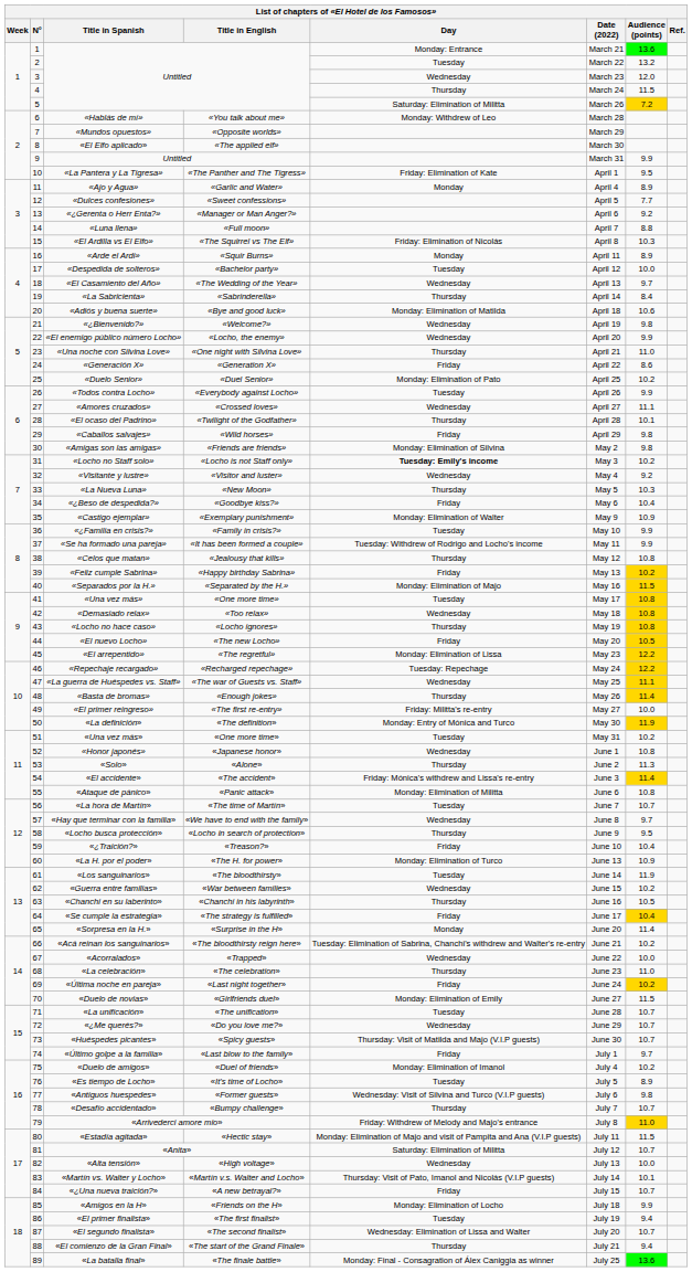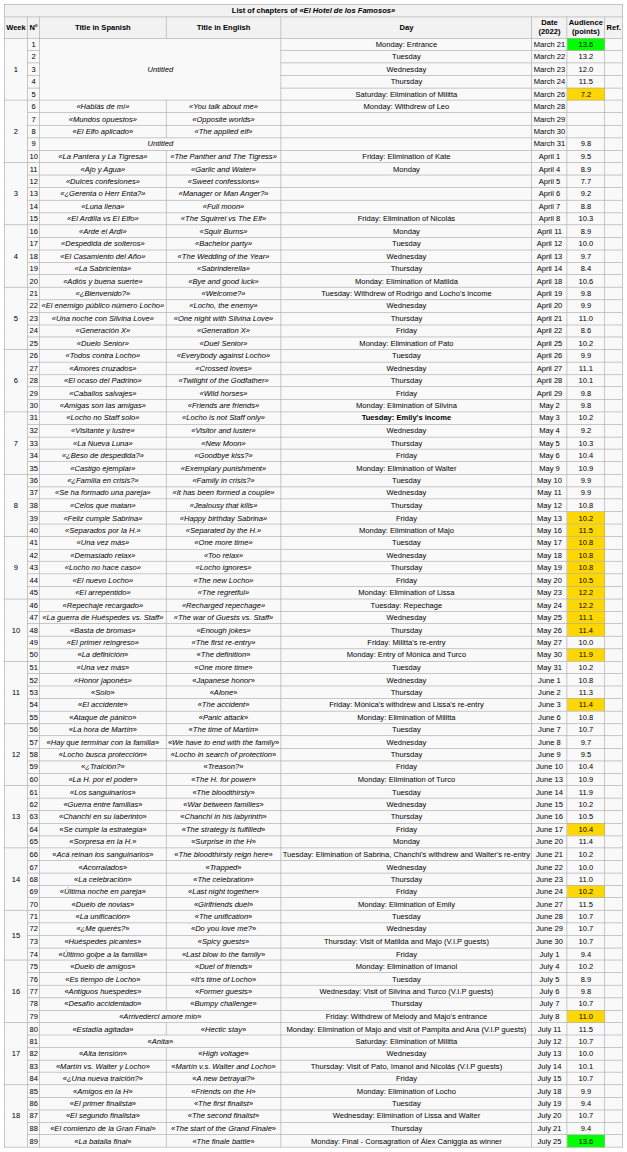 <table class="wikitable" style="text-align:center; font-size:75%; align:left;">
 <tr>
 <th colspan="8">List of chapters of <em>«El Hotel de los Famosos»</em></th>
 </tr>
 <tr>
 <th>Week</th>
 <th>N°</th>
 <th>Title in Spanish</th>
 <th>Title in English</th>
 <th>Day</th>
 <th>Date<br>(2022)</th>
 <th>Audience<br>(points)</th>
 <th>Ref.</th>
 </tr>
 <tr>
 <td rowspan="5">1</td>
 <td style="text-align:center;">1</td>
 <td colspan="2" rowspan="5"><em>Untitled</em></td>
 <td style="text-align:center;">Monday: Entrance</td>
 <td>March 21</td>
 <td style="text-align:center; background:lime">13.6</td>
 <td></td>
 </tr>
 <tr>
 <td style="text-align:center;">2</td>
 <td style="text-align:center;">Tuesday</td>
 <td>March 22</td>
 <td style="text-align:center;">13.2</td>
 <td></td>
 </tr>
 <tr>
 <td style="text-align:center;">3</td>
 <td style="text-align:center;">Wednesday</td>
 <td>March 23</td>
 <td style="text-align:center;">12.0</td>
 <td></td>
 </tr>
 <tr>
 <td style="text-align:center;">4</td>
 <td style="text-align:center;">Thursday</td>
 <td>March 24</td>
 <td style="text-align:center;">11.5</td>
 <td></td>
 </tr>
 <tr>
 <td style="text-align:center;">5</td>
 <td style="text-align:center;">Saturday: Elimination of Militta</td>
 <td>March 26</td>
 <td bgcolor="gold">7.2</td>
 <td></td>
 </tr>
 <tr>
 <td rowspan="5">2</td>
 <td>6</td>
 <td><em>«Hablás de mí»</em></td>
 <td><em>«You talk about me»</em></td>
 <td>Monday: Withdrew of Leo</td>
 <td>March 28</td>
 <td></td>
 <td></td>
 </tr>
 <tr>
 <td>7</td>
 <td><em>«Mundos opuestos»</em></td>
 <td><em>«Opposite worlds»</em></td>
 <td></td>
 <td>March 29</td>
 <td></td>
 <td></td>
 </tr>
 <tr>
 <td>8</td>
 <td>«<em>El Elfo aplicado</em>»</td>
 <td><em>«The applied elf»</em></td>
 <td></td>
 <td>March 30</td>
 <td></td>
 <td></td>
 </tr>
 <tr>
 <td>9</td>
 <td colspan="2"><em>Untitled</em></td>
 <td></td>
 <td>March 31</td>
-<td>9.9</td>
+<td>9.8</td>
 <td></td>
 </tr>
 <tr>
 <td style="text-align:center;">10</td>
 <td><em>«La Pantera y La Tigresa»</em></td>
 <td><em>«The Panther and The Tigress»</em></td>
 <td style="text-align:center;">Friday: Elimination of Kate</td>
 <td>April 1</td>
 <td>9.5</td>
 <td></td>
 </tr>
 <tr>
 <td rowspan="5">3</td>
 <td>11</td>
 <td><em>«Ajo y Agua»</em></td>
 <td><em>«Garlic and Water»</em></td>
 <td>Monday</td>
 <td>April 4</td>
 <td>8.9</td>
 <td></td>
 </tr>
 <tr>
 <td>12</td>
 <td><em>«Dulces confesiones»</em></td>
 <td><em>«Sweet confessions»</em></td>
 <td></td>
 <td>April 5</td>
 <td>7.7</td>
 <td></td>
 </tr>
 <tr>
 <td>13</td>
 <td><em>«¿Gerenta o Herr Enta?»</em></td>
 <td><em>«Manager or Man Anger?»</em></td>
 <td></td>
 <td>April 6</td>
 <td>9.2</td>
 <td></td>
 </tr>
 <tr>
 <td>14</td>
 <td><em>«Luna llena»</em></td>
 <td><em>«Full moon»</em></td>
 <td></td>
 <td>April 7</td>
 <td>8.8</td>
 <td></td>
 </tr>
 <tr>
 <td>15</td>
 <td><em>«El Ardilla vs El Elfo»</em></td>
 <td><em>«The Squirrel vs The Elf»</em></td>
 <td style="text-align:center;">Friday: Elimination of Nicolás</td>
 <td>April 8</td>
 <td>10.3</td>
 <td></td>
 </tr>
 <tr>
 <td rowspan="5">4</td>
 <td>16</td>
 <td style="text-align:center;"><em>«Arde el Ardi»</em></td>
 <td><em>«Squir Burns»</em></td>
 <td style="text-align:center;">Monday</td>
 <td>April 11</td>
 <td>8.9</td>
 <td></td>
 </tr>
 <tr>
 <td style="text-align:center;">17</td>
 <td><em>«Despedida de solteros»</em></td>
 <td><em>«Bachelor party»</em></td>
 <td style="text-align:center;">Tuesday</td>
 <td>April 12</td>
 <td>10.0</td>
 <td></td>
 </tr>
 <tr>
 <td style="text-align:center;">18</td>
 <td><em>«El Casamiento del Año»</em></td>
 <td><em>«The Wedding of the Year»</em></td>
 <td style="text-align:center;">Wednesday</td>
 <td>April 13</td>
 <td>9.7</td>
 <td></td>
 </tr>
 <tr>
 <td style="text-align:center;">19</td>
 <td><em>«La Sabricienta»</em></td>
 <td><em>«Sabrinderella»</em></td>
 <td style="text-align:center;">Thursday</td>
 <td>April 14</td>
 <td>8.4</td>
 <td></td>
 </tr>
 <tr>
 <td>20</td>
 <td style="text-align:center;"><em>«Adiós y buena suerte»</em></td>
 <td><em>«Bye and good luck»</em></td>
 <td style="text-align:center;">Monday: Elimination of Matilda</td>
 <td>April 18</td>
 <td>10.6</td>
 <td></td>
 </tr>
 <tr>
 <td rowspan="5">5</td>
 <td style="text-align:center;">21</td>
 <td><em>«¿Bienvenido?»</em></td>
 <td><em>«Welcome?»</em></td>
-<td>Wednesday</td>
+<td style="text-align:center;">Tuesday: Withdrew of Rodrigo and Locho's income</td>
 <td>April 19</td>
 <td>9.8</td>
 <td></td>
 </tr>
 <tr>
 <td style="text-align:center;">22</td>
 <td><em>«El enemigo público número Locho»</em></td>
 <td><em>«Locho, the enemy»</em></td>
 <td style="text-align:center;">Wednesday</td>
 <td>April 20</td>
 <td>9.9</td>
 <td></td>
 </tr>
 <tr>
 <td style="text-align:center;">23</td>
 <td><em>«Una noche con Silvina Love»</em></td>
 <td><em>«One night with Silvina Love»</em></td>
 <td style="text-align:center;">Thursday</td>
 <td>April 21</td>
 <td>11.0</td>
 <td></td>
 </tr>
 <tr>
 <td style="text-align:center;">24</td>
 <td><em>«Generación X»</em></td>
 <td><em>«Generation X»</em></td>
 <td style="text-align:center;">Friday</td>
 <td>April 22</td>
 <td>8.6</td>
 <td></td>
 </tr>
 <tr>
 <td style="text-align:center;">25</td>
 <td><em>«Duelo Senior»</em></td>
 <td><em>«Duel Senior»</em></td>
 <td style="text-align:center;">Monday: Elimination of Pato</td>
 <td>April 25</td>
 <td>10.2</td>
 <td></td>
 </tr>
 <tr>
 <td rowspan="5">6</td>
 <td style="text-align:center;">26</td>
 <td><em>«Todos contra Locho»</em></td>
 <td><em>«Everybody against Locho»</em></td>
 <td style="text-align:center;">Tuesday</td>
 <td>April 26</td>
 <td>9.9</td>
 <td></td>
 </tr>
 <tr>
 <td style="text-align:center;">27</td>
 <td><em>«Amores cruzados»</em></td>
 <td><em>«Crossed loves»</em></td>
 <td style="text-align:center;">Wednesday</td>
 <td>April 27</td>
 <td>11.1</td>
 <td></td>
 </tr>
 <tr>
 <td style="text-align:center;">28</td>
 <td><em>«El ocaso del Padrino»</em></td>
 <td><em>«Twilight of the Godfather»</em></td>
 <td style="text-align:center;">Thursday</td>
 <td>April 28</td>
 <td>10.1</td>
 <td></td>
 </tr>
 <tr>
 <td style="text-align:center;">29</td>
 <td><em>«Caballos salvajes»</em></td>
 <td><em>«Wild horses»</em></td>
 <td style="text-align:center;">Friday</td>
 <td>April 29</td>
 <td>9.8</td>
 <td></td>
 </tr>
 <tr>
 <td>30</td>
 <td><em>«Amigas son las amigas»</em></td>
 <td><em>«Friends are friends»</em></td>
 <td>Monday: Elimination of Silvina</td>
 <td>May 2</td>
 <td>9.8</td>
 <td></td>
 </tr>
 <tr>
 <td rowspan="5">7</td>
 <td>31</td>
 <td><em>«Locho no Staff solo»</em></td>
 <td><em>«Locho is not Staff only»</em></td>
 <td><strong>Tuesday: Emily's income</strong></td>
 <td>May 3</td>
 <td>10.2</td>
 <td></td>
 </tr>
 <tr>
 <td>32</td>
 <td><em>«Visitante y lustre»</em></td>
 <td><em>«Visitor and luster»</em></td>
 <td>Wednesday</td>
 <td>May 4</td>
 <td>9.2</td>
 <td></td>
 </tr>
 <tr>
 <td>33</td>
 <td><em>«La Nueva Luna»</em></td>
 <td><em>«New Moon»</em></td>
 <td>Thursday</td>
 <td>May 5</td>
 <td>10.3</td>
 <td></td>
 </tr>
 <tr>
 <td>34</td>
 <td><em>«¿Beso de despedida?»</em></td>
 <td><em>«Goodbye kiss?»</em></td>
 <td>Friday</td>
 <td>May 6</td>
 <td>10.4</td>
 <td></td>
 </tr>
 <tr>
 <td>35</td>
 <td><em>«Castigo ejemplar»</em></td>
 <td><em>«Exemplary punishment»</em></td>
 <td>Monday: Elimination of Walter</td>
 <td>May 9</td>
 <td>10.9</td>
 <td></td>
 </tr>
 <tr>
 <td rowspan="5">8</td>
 <td>36</td>
 <td><em>«¿Familia en crisis?»</em></td>
 <td><em>«Family in crisis?»</em></td>
 <td>Tuesday</td>
 <td>May 10</td>
 <td>9.9</td>
 <td></td>
 </tr>
 <tr>
 <td>37</td>
 <td><em>«Se ha formado una pareja»</em></td>
 <td><em>«It has been formed a couple»</em></td>
-<td style="text-align:center;">Tuesday: Withdrew of Rodrigo and Locho's income</td>
+<td>Wednesday</td>
 <td>May 11</td>
 <td>9.9</td>
 <td></td>
 </tr>
 <tr>
 <td>38</td>
 <td><em>«Celos que matan»</em></td>
 <td><em>«Jealousy that kills»</em></td>
 <td>Thursday</td>
 <td>May 12</td>
 <td>10.8</td>
 <td></td>
 </tr>
 <tr>
 <td>39</td>
 <td><em>«Feliz cumple Sabrina»</em></td>
 <td><em>«Happy birthday Sabrina»</em></td>
 <td>Friday</td>
 <td>May 13</td>
 <td bgcolor="gold">10.2</td>
 <td></td>
 </tr>
 <tr>
 <td>40</td>
 <td><em>«Separados por la H.»</em></td>
 <td><em>«Separated by the H.»</em></td>
 <td>Monday: Elimination of Majo</td>
 <td>May 16</td>
 <td bgcolor="gold">11.5</td>
 <td></td>
 </tr>
 <tr>
 <td rowspan="5">9</td>
 <td>41</td>
 <td><em>«Una vez más»</em></td>
 <td><em>«One more time»</em></td>
 <td>Tuesday</td>
 <td>May 17</td>
 <td bgcolor="gold">10.8</td>
 <td></td>
 </tr>
 <tr>
 <td>42</td>
 <td><em>«Demasiado relax»</em></td>
 <td><em>«Too relax»</em></td>
 <td>Wednesday</td>
 <td>May 18</td>
 <td bgcolor="gold">10.8</td>
 <td></td>
 </tr>
 <tr>
 <td>43</td>
 <td><em>«Locho no hace caso»</em></td>
 <td><em>«Locho ignores»</em></td>
 <td>Thursday</td>
 <td>May 19</td>
 <td bgcolor="gold">10.8</td>
 <td></td>
 </tr>
 <tr>
 <td>44</td>
 <td><em>«El nuevo Locho»</em></td>
 <td><em>«The new Locho»</em></td>
 <td>Friday</td>
 <td>May 20</td>
 <td bgcolor="gold">10.5</td>
 <td></td>
 </tr>
 <tr>
 <td>45</td>
 <td><em>«El arrepentido»</em></td>
 <td><em>«The regretful»</em></td>
 <td>Monday: Elimination of Lissa</td>
 <td>May 23</td>
 <td bgcolor="gold">12.2</td>
 <td></td>
 </tr>
 <tr>
 <td rowspan="5">10</td>
 <td>46</td>
 <td><em>«Repechaje recargado»</em></td>
 <td><em>«Recharged repechage»</em></td>
 <td>Tuesday: Repechage</td>
 <td>May 24</td>
 <td bgcolor="gold">12.2</td>
 <td></td>
 </tr>
 <tr>
 <td>47</td>
 <td><em>«La guerra de Huéspedes vs. Staff»</em></td>
 <td><em>«The war of Guests vs. Staff»</em></td>
 <td>Wednesday</td>
 <td>May 25</td>
 <td bgcolor="gold">11.1</td>
 <td></td>
 </tr>
 <tr>
 <td>48</td>
 <td><em>«Basta de bromas»</em></td>
 <td><em>«Enough jokes»</em></td>
 <td>Thursday</td>
 <td>May 26</td>
 <td bgcolor="gold">11.4</td>
 <td></td>
 </tr>
 <tr>
 <td>49</td>
 <td><em>«El primer reingreso»</em></td>
 <td><em>«The first re-entry»</em></td>
 <td>Friday: Militta's re-entry</td>
 <td>May 27</td>
 <td>10.0</td>
 <td></td>
 </tr>
 <tr>
 <td>50</td>
 <td>«<em>La definición</em>»</td>
 <td>«<em>The definition</em>»</td>
 <td>Monday: Entry of Mónica and Turco</td>
 <td>May 30</td>
 <td bgcolor="gold">11.9</td>
 <td></td>
 </tr>
 <tr>
 <td rowspan="5">11</td>
 <td>51</td>
 <td>«<em>Una vez más</em>»</td>
 <td>«<em>One more time</em>»</td>
 <td>Tuesday</td>
 <td>May 31</td>
 <td>10.2</td>
 <td></td>
 </tr>
 <tr>
 <td>52</td>
 <td><em>«Honor japonés»</em></td>
 <td>«<em>Japanese honor</em>»</td>
 <td>Wednesday</td>
 <td>June 1</td>
 <td>10.8</td>
 <td></td>
 </tr>
 <tr>
 <td>53</td>
 <td>«<em>Solo</em>»</td>
 <td>«<em>Alone</em>»</td>
 <td>Thursday</td>
 <td>June 2</td>
 <td>11.3</td>
 <td></td>
 </tr>
 <tr>
 <td>54</td>
 <td>«<em>El accidente</em>»</td>
 <td>«<em>The accident</em>»</td>
 <td>Friday: Mónica's withdrew and Lissa's re-entry</td>
 <td>June 3</td>
 <td bgcolor="gold">11.4</td>
 <td></td>
 </tr>
 <tr>
 <td>55</td>
 <td>«<em>Ataque de pánico</em>»</td>
 <td>«<em>Panic attack</em>»</td>
 <td>Monday: Elimination of Militta</td>
 <td>June 6</td>
 <td>10.8</td>
 <td></td>
 </tr>
 <tr>
 <td rowspan="5">12</td>
 <td>56</td>
 <td>«<em>La hora de Martín</em>»</td>
 <td>«<em>The time of Martín</em>»</td>
 <td>Tuesday</td>
 <td>June 7</td>
 <td>10.7</td>
 <td></td>
 </tr>
 <tr>
 <td>57</td>
 <td>«<em>Hay que terminar con la familia</em>»</td>
 <td>«<em>We have to end with the family</em>»</td>
 <td>Wednesday</td>
 <td>June 8</td>
 <td>9.7</td>
 <td></td>
 </tr>
 <tr>
 <td>58</td>
 <td>«<em>Locho busca protección</em>»</td>
 <td>«<em>Locho in search of protection</em>»</td>
 <td>Thursday</td>
 <td>June 9</td>
 <td>9.5</td>
 <td></td>
 </tr>
 <tr>
 <td>59</td>
 <td>«<em>¿Traición?</em>»</td>
 <td>«<em>Treason?</em>»</td>
 <td>Friday</td>
 <td>June 10</td>
 <td>10.4</td>
 <td></td>
 </tr>
 <tr>
 <td>60</td>
 <td>«<em>La H. por el poder</em>»</td>
 <td>«<em>The H. for power</em>»</td>
 <td>Monday: Elimination of Turco</td>
 <td>June 13</td>
 <td>10.9</td>
 <td></td>
 </tr>
 <tr>
 <td rowspan="5">13</td>
 <td>61</td>
 <td>«<em>Los sanguinarios</em>»</td>
 <td>«<em>The bloodthirsty</em>»</td>
 <td>Tuesday</td>
 <td>June 14</td>
 <td>11.9</td>
 <td></td>
 </tr>
 <tr>
 <td>62</td>
 <td>«<em>Guerra entre familias</em>»</td>
 <td>«<em>War between families</em>»</td>
 <td>Wednesday</td>
 <td>June 15</td>
 <td>10.2</td>
 <td></td>
 </tr>
 <tr>
 <td>63</td>
 <td>«<em>Chanchi en su laberinto</em>»</td>
 <td>«<em>Chanchi in his labyrinth</em>»</td>
 <td>Thursday</td>
 <td>June 16</td>
 <td>10.5</td>
 <td></td>
 </tr>
 <tr>
 <td>64</td>
 <td>«<em>Se cumple la estrategia</em>»</td>
 <td>«<em>The strategy is fulfilled</em>»</td>
 <td>Friday</td>
 <td>June 17</td>
 <td bgcolor="gold">10.4</td>
 <td></td>
 </tr>
 <tr>
 <td>65</td>
 <td>«<em>Sorpresa en la H.</em>»</td>
 <td>«<em>Surprise in the H</em>»</td>
 <td>Monday</td>
 <td>June 20</td>
 <td>11.4</td>
 <td></td>
 </tr>
 <tr>
 <td rowspan="5">14</td>
 <td>66</td>
 <td>«<em>Acá reinan los sanguinarios</em>»</td>
 <td>«<em>The bloodthirsty reign here</em>»</td>
 <td>Tuesday: Elimination of Sabrina, Chanchi's withdrew and Walter's re-entry</td>
 <td>June 21</td>
 <td>10.2</td>
 <td></td>
 </tr>
 <tr>
 <td>67</td>
 <td>«<em>Acorralados</em>»</td>
 <td>«<em>Trapped</em>»</td>
 <td>Wednesday</td>
 <td>June 22</td>
 <td>10.0</td>
 <td></td>
 </tr>
 <tr>
 <td>68</td>
 <td>«<em>La celebración</em>»</td>
 <td>«<em>The celebration</em>»</td>
 <td>Thursday</td>
 <td>June 23</td>
 <td>11.0</td>
 <td></td>
 </tr>
 <tr>
 <td>69</td>
 <td>«<em>Última noche en pareja</em>»</td>
 <td>«<em>Last night together</em>»</td>
 <td>Friday</td>
 <td>June 24</td>
 <td bgcolor="gold">10.2</td>
 <td></td>
 </tr>
 <tr>
 <td>70</td>
 <td>«<em>Duelo de novias</em>»</td>
 <td>«<em>Girlfriends duel</em>»</td>
 <td>Monday: Elimination of Emily</td>
 <td>June 27</td>
 <td>11.5</td>
 <td></td>
 </tr>
 <tr>
 <td rowspan="4">15</td>
 <td>71</td>
 <td>«<em>La unificación</em>»</td>
 <td>«<em>The unification</em>»</td>
 <td>Tuesday</td>
 <td>June 28</td>
 <td>10.7</td>
 <td></td>
 </tr>
 <tr>
 <td>72</td>
 <td>«<em>¿Me querés?</em>»</td>
 <td>«<em>Do you love me?</em>»</td>
 <td>Wednesday</td>
 <td>June 29</td>
 <td>10.7</td>
 <td></td>
 </tr>
 <tr>
 <td>73</td>
 <td>«<em>Huéspedes picantes</em>»</td>
 <td>«<em>Spicy guests</em>»</td>
 <td>Thursday: Visit of Matilda and Majo (V.I.P guests)</td>
 <td>June 30</td>
 <td>10.7</td>
 <td></td>
 </tr>
 <tr>
 <td>74</td>
 <td>«<em>Último golpe a la familia</em>»</td>
 <td>«<em>Last blow to the family</em>»</td>
 <td>Friday</td>
 <td>July 1</td>
-<td>9.7</td>
+<td>9.4</td>
 <td></td>
 </tr>
 <tr>
 <td rowspan="5">16</td>
 <td>75</td>
 <td>«<em>Duelo de amigos</em>»</td>
 <td>«<em>Duel of friends</em>»</td>
 <td>Monday: Elimination of Imanol</td>
 <td>July 4</td>
 <td>10.2</td>
 <td></td>
 </tr>
 <tr>
 <td>76</td>
 <td>«<em>Es tiempo de Locho</em>»</td>
 <td>«<em>It's time of Locho</em>»</td>
 <td>Tuesday</td>
 <td>July 5</td>
 <td>8.9</td>
 <td></td>
 </tr>
 <tr>
 <td>77</td>
 <td>«<em>Antiguos huespedes</em>»</td>
 <td>«<em>Former guests</em>»</td>
 <td>Wednesday: Visit of Silvina and Turco (V.I.P guests)</td>
 <td>July 6</td>
 <td>9.8</td>
 <td></td>
 </tr>
 <tr>
 <td>78</td>
 <td>«<em>Desafío accidentado</em>»</td>
 <td>«<em>Bumpy challenge</em>»</td>
 <td>Thursday</td>
 <td>July 7</td>
 <td>10.7</td>
 <td></td>
 </tr>
 <tr>
 <td>79</td>
 <td colspan="2">«<em>Arrivederci amore mio</em>»</td>
 <td>Friday: Withdrew of Melody and Majo's entrance</td>
 <td>July 8</td>
 <td bgcolor="gold">11.0</td>
 <td></td>
 </tr>
 <tr>
 <td rowspan="5">17</td>
 <td>80</td>
 <td>«<em>Estadía agitada</em>»</td>
 <td>«<em>Hectic stay</em>»</td>
 <td>Monday: Elimination of Majo and visit of Pampita and Ana (V.I.P guests)</td>
 <td>July 11</td>
 <td>11.5</td>
 <td></td>
 </tr>
 <tr>
 <td>81</td>
 <td colspan="2">«<em>Anita</em>»</td>
 <td style="text-align:center;">Saturday: Elimination of Militta</td>
 <td>July 12</td>
 <td>10.7</td>
 <td></td>
 </tr>
 <tr>
 <td>82</td>
 <td>«<em>Alta tensión</em>»</td>
 <td>«<em>High voltage</em>»</td>
 <td>Wednesday</td>
 <td>July 13</td>
 <td>10.0</td>
 <td></td>
 </tr>
 <tr>
 <td>83</td>
 <td>«<em>Martín vs. Walter y Locho</em>»</td>
 <td>«<em>Martín v.s. Walter and Locho</em>»</td>
 <td>Thursday: Visit of Pato, Imanol and Nicolás (V.I.P guests)</td>
 <td>July 14</td>
 <td>10.1</td>
 <td></td>
 </tr>
 <tr>
 <td>84</td>
 <td>«<em>¿Una nueva traición?</em>»</td>
 <td>«<em>A new betrayal?</em>»</td>
 <td>Friday</td>
 <td>July 15</td>
 <td>10.7</td>
 <td></td>
 </tr>
 <tr>
 <td rowspan="5">18</td>
 <td>85</td>
 <td>«<em>Amigos en la H</em>»</td>
 <td>«<em>Friends on the H</em>»</td>
 <td>Monday: Elimination of Locho</td>
 <td>July 18</td>
 <td>9.9</td>
 <td></td>
 </tr>
 <tr>
 <td>86</td>
 <td>«<em>El primer finalista</em>»</td>
 <td>«<em>The first finalist</em>»</td>
 <td>Tuesday</td>
 <td>July 19</td>
 <td>9.4</td>
 <td></td>
 </tr>
 <tr>
 <td>87</td>
 <td>«<em>El segundo finalista</em>»</td>
 <td>«<em>The second finalist</em>»</td>
 <td>Wednesday: Elimination of Lissa and Walter</td>
 <td>July 20</td>
 <td>10.7</td>
 <td></td>
 </tr>
 <tr>
 <td>88</td>
 <td>«<em>El comienzo de la Gran Final</em>»</td>
 <td>«<em>The start of the Grand Finale</em>»</td>
 <td>Thursday</td>
 <td>July 21</td>
 <td>9.4</td>
 <td></td>
 </tr>
 <tr>
 <td>89</td>
 <td>«<em>La batalla final</em>»</td>
 <td>«<em>The finale battle</em>»</td>
 <td>Monday: Final - Consagration of Álex Caniggia as winner</td>
 <td>July 25</td>
 <td bgcolor="lime">13.6</td>
 <td></td>
 </tr>
 </table>
